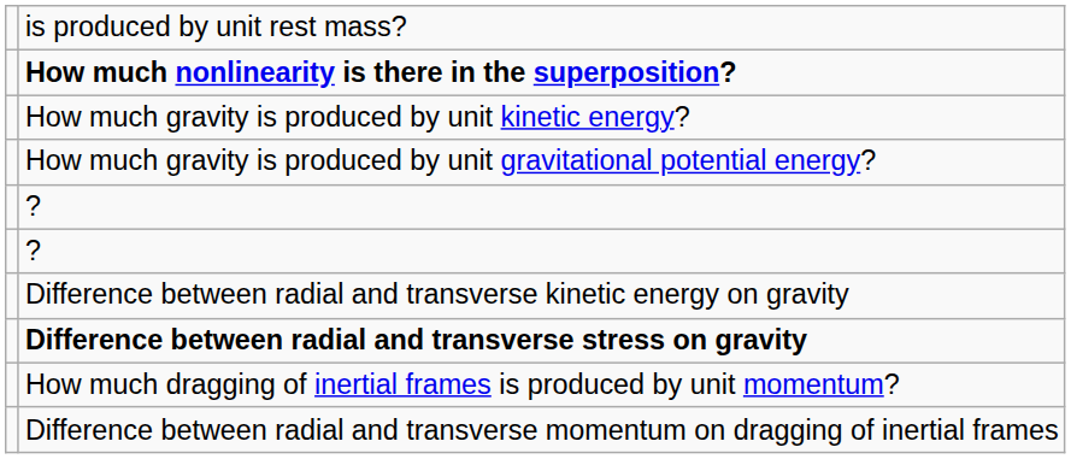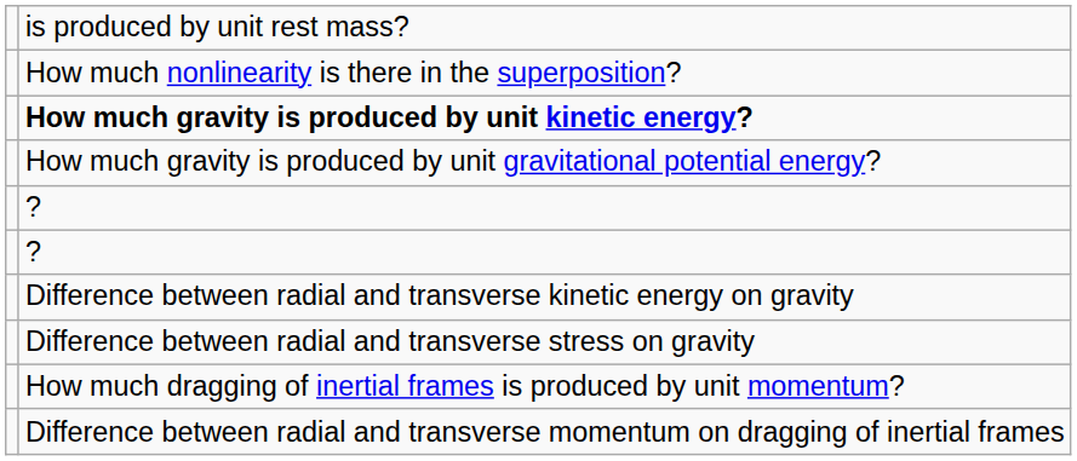 <table class="wikitable">
 <tr>
 <td></td>
 <td> is produced by unit rest mass?</td>
 </tr>
 <tr>
 <td></td>
-<td><strong>How much <a href='#'>nonlinearity</a> is there in the <a href='#'>superposition</a>?</strong></td>
+<td>How much <a href='#'>nonlinearity</a> is there in the <a href='#'>superposition</a>?</td>
 </tr>
 <tr>
 <td></td>
-<td>How much gravity is produced by unit <a href='#'>kinetic energy</a>?</td>
+<td><strong>How much gravity is produced by unit <a href='#'>kinetic energy</a>?</strong></td>
 </tr>
 <tr>
 <td></td>
 <td>How much gravity is produced by unit <a href='#'>gravitational potential energy</a>?</td>
 </tr>
 <tr>
 <td></td>
 <td>?</td>
 </tr>
 <tr>
 <td></td>
 <td>?</td>
 </tr>
 <tr>
 <td></td>
 <td>Difference between radial and transverse kinetic energy on gravity</td>
 </tr>
 <tr>
 <td></td>
-<td><strong>Difference between radial and transverse stress on gravity</strong></td>
+<td>Difference between radial and transverse stress on gravity</td>
 </tr>
 <tr>
 <td></td>
 <td>How much dragging of <a href='#'>inertial frames</a> is produced by unit <a href='#'>momentum</a>?</td>
 </tr>
 <tr>
 <td></td>
 <td>Difference between radial and transverse momentum on dragging of inertial frames</td>
 </tr>
 </table>
